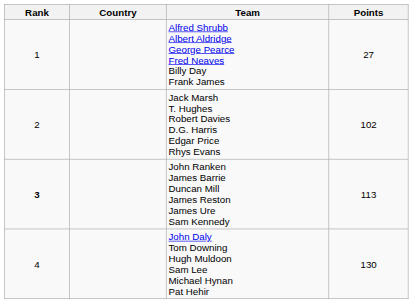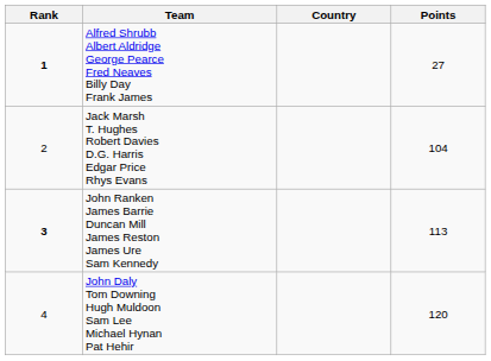 <table class="wikitable sortable" style=" text-align:center; font-size:95%;" width="50%">
 <tr>
 <th>Rank</th>
+<th>Team</th>
 <th>Country</th>
-<th>Team</th>
 <th>Points</th>
 </tr>
 <tr>
-<td align=center>1</td>
+<td align=center><strong>1</strong></td>
+<td align=left><a href='#'>Alfred Shrubb</a><br><a href='#'>Albert Aldridge</a><br><a href='#'>George Pearce</a><br><a href='#'>Fred Neaves</a><br>Billy Day<br>Frank James</td>
 <td align=left></td>
-<td align=left><a href='#'>Alfred Shrubb</a><br><a href='#'>Albert Aldridge</a><br><a href='#'>George Pearce</a><br><a href='#'>Fred Neaves</a><br>Billy Day<br>Frank James</td>
 <td>27</td>
 </tr>
 <tr>
 <td align=center>2</td>
+<td align=left>Jack Marsh<br>T. Hughes<br>Robert Davies<br>D.G. Harris<br>Edgar Price<br>Rhys Evans</td>
 <td align=left></td>
-<td align=left>Jack Marsh<br>T. Hughes<br>Robert Davies<br>D.G. Harris<br>Edgar Price<br>Rhys Evans</td>
-<td>102</td>
+<td>104</td>
 </tr>
 <tr>
 <td align=center><strong>3</strong></td>
+<td align=left>John Ranken<br>James Barrie<br>Duncan Mill<br>James Reston<br>James Ure<br>Sam Kennedy</td>
 <td align=left></td>
-<td align=left>John Ranken<br>James Barrie<br>Duncan Mill<br>James Reston<br>James Ure<br>Sam Kennedy</td>
 <td>113</td>
 </tr>
 <tr>
 <td align=center>4</td>
+<td align=left><a href='#'>John Daly</a><br>Tom Downing<br>Hugh Muldoon<br>Sam Lee<br>Michael Hynan<br>Pat Hehir</td>
 <td align=left></td>
-<td align=left><a href='#'>John Daly</a><br>Tom Downing<br>Hugh Muldoon<br>Sam Lee<br>Michael Hynan<br>Pat Hehir</td>
-<td>130</td>
+<td>120</td>
 </tr>
 </table>
